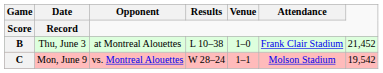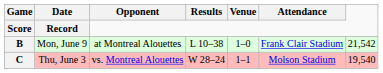 <table class="wikitable" style="text-align:center">
 <tr>
 <th>Game</th>
 <th>Date</th>
 <th>Opponent</th>
 <th>Results</th>
 <th>Venue</th>
 <th>Attendance</th>
 </tr>
 <tr>
 <th>Score</th>
 <th>Record</th>
 </tr>
 <tr style="background:#ddffdd">
 <th>B</th>
-<td>Thu, June 3</td>
+<td>Mon, June 9</td>
 <td>at Montreal Alouettes</td>
 <td>L 10–38</td>
 <td>1–0</td>
 <td><a href='#'>Frank Clair Stadium</a></td>
-<td>21,452</td>
+<td>21,542</td>
 </tr>
 <tr style="background:#ffbbbb">
 <th>C</th>
-<td>Mon, June 9</td>
+<td>Thu, June 3</td>
 <td>vs. <a href='#'>Montreal Alouettes</a></td>
 <td>W 28–24</td>
 <td>1–1</td>
 <td><a href='#'>Molson Stadium</a></td>
-<td>19,542</td>
+<td>19,540</td>
 </tr>
 </table>
